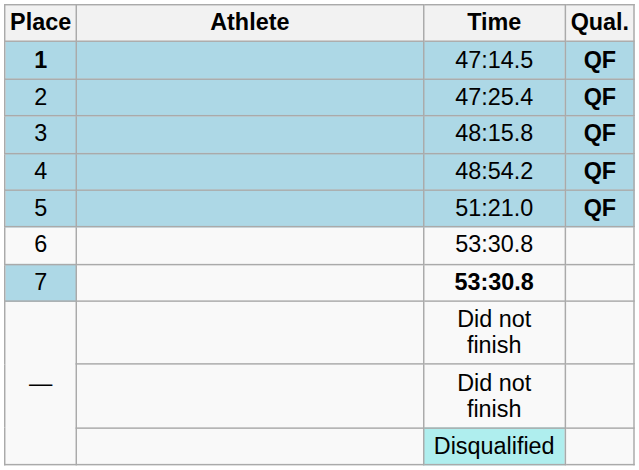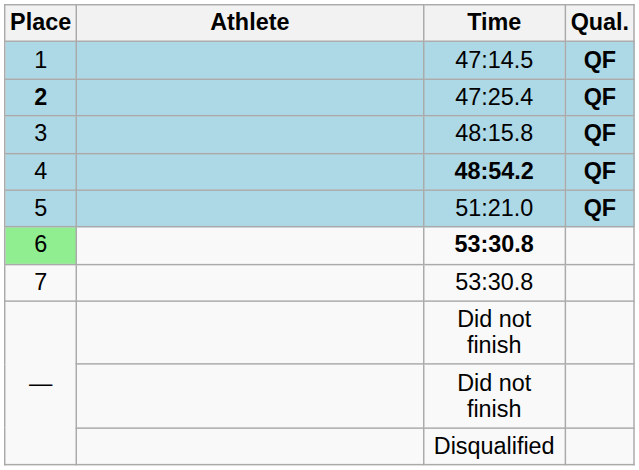 <table class=wikitable style="text-align:center">
 <tr>
 <th width=40>Place</th>
 <th width=230>Athlete</th>
 <th width=90>Time</th>
 <th width=40>Qual.</th>
 </tr>
 <tr bgcolor=lightblue>
-<td><strong>1</strong></td>
+<td>1</td>
 <td align=left></td>
 <td>47:14.5</td>
 <td><strong>QF</strong></td>
 </tr>
 <tr bgcolor=lightblue>
-<td>2</td>
+<td><strong>2</strong></td>
 <td align=left></td>
 <td>47:25.4</td>
 <td><strong>QF</strong></td>
 </tr>
 <tr bgcolor=lightblue>
 <td>3</td>
 <td align=left></td>
 <td>48:15.8</td>
 <td><strong>QF</strong></td>
 </tr>
 <tr bgcolor=lightblue>
 <td>4</td>
 <td align=left></td>
-<td>48:54.2</td>
+<td><strong>48:54.2</strong></td>
 <td><strong>QF</strong></td>
 </tr>
 <tr bgcolor=lightblue>
 <td>5</td>
 <td align=left></td>
 <td>51:21.0</td>
 <td><strong>QF</strong></td>
 </tr>
 <tr>
-<td>6</td>
+<td style="background: lightgreen;">6</td>
 <td align=left></td>
-<td>53:30.8</td>
+<td><strong>53:30.8</strong></td>
 <td></td>
 </tr>
 <tr>
-<td style="background: lightblue;">7</td>
+<td>7</td>
 <td align=left></td>
-<td><strong>53:30.8</strong></td>
+<td>53:30.8</td>
 <td></td>
 </tr>
 <tr>
 <td rowspan=3>—</td>
 <td align=left></td>
 <td>Did not finish</td>
 <td></td>
 </tr>
 <tr>
 <td align=left></td>
 <td>Did not finish</td>
 <td></td>
 </tr>
 <tr>
 <td align=left></td>
-<td style="background: paleturquoise;">Disqualified</td>
+<td>Disqualified</td>
 <td></td>
 </tr>
 </table>
